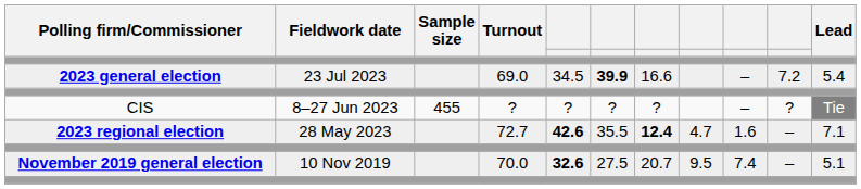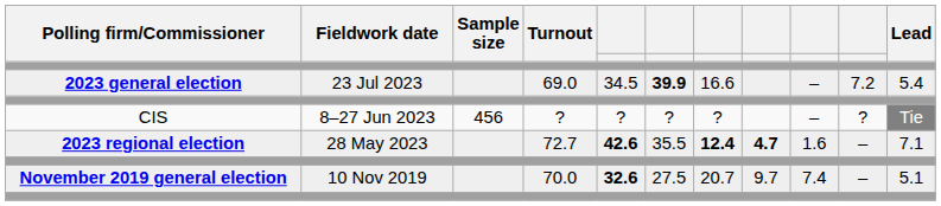 <table class="wikitable collapsible collapsed" style="text-align:center; font-size:95%; line-height:16px;">
 <tr style="height:42px;">
 <th style="width:250px;" rowspan="2">Polling firm/Commissioner</th>
 <th style="width:125px;" rowspan="2">Fieldwork date</th>
 <th style="width:50px;" rowspan="2">Sample size</th>
 <th style="width:45px;" rowspan="2">Turnout</th>
 <th style="width:35px;"></th>
 <th style="width:35px;"></th>
 <th style="width:35px;"></th>
 <th style="width:35px;"></th>
 <th style="width:35px;"></th>
 <th style="width:35px;"></th>
 <th style="width:30px;" rowspan="2">Lead</th>
 </tr>
 <tr>
 <th style="color:inherit;background:"></th>
 <th style="color:inherit;background:"></th>
 <th style="color:inherit;background:"></th>
 <th style="color:inherit;background:"></th>
 <th style="color:inherit;background:"></th>
 <th style="color:inherit;background:"></th>
 </tr>
 <tr>
 <td colspan="11" style="background:#A0A0A0"></td>
 </tr>
 <tr style="background:#EFEFEF;">
 <td><strong><a href='#'>2023 general election</a></strong></td>
 <td>23 Jul 2023</td>
 <td></td>
 <td>69.0</td>
 <td>34.5<br></td>
 <td><strong>39.9</strong><br></td>
 <td>16.6<br></td>
 <td></td>
 <td>–</td>
 <td>7.2<br></td>
 <td style="background:">5.4</td>
 </tr>
 <tr>
 <td colspan="11" style="background:#A0A0A0"></td>
 </tr>
 <tr>
 <td>CIS</td>
 <td>8–27 Jun 2023</td>
-<td>455</td>
+<td>456</td>
 <td>?</td>
 <td>?<br></td>
 <td>?<br></td>
 <td>?<br></td>
 <td></td>
 <td>–</td>
 <td>?<br></td>
 <td style="background:gray; color:white;">Tie</td>
 </tr>
 <tr style="background:#EFEFEF;">
 <td><strong><a href='#'>2023 regional election</a></strong></td>
 <td>28 May 2023</td>
 <td></td>
 <td>72.7</td>
 <td><strong>42.6</strong><br></td>
 <td>35.5<br></td>
 <td><strong>12.4<br></strong></td>
-<td>4.7<br></td>
+<td><strong>4.7<br></strong></td>
 <td>1.6<br></td>
 <td>–</td>
 <td style="background:">7.1</td>
 </tr>
 <tr>
 <td colspan="11" style="background:#A0A0A0"></td>
 </tr>
 <tr style="background:#EFEFEF;">
 <td><strong><a href='#'>November 2019 general election</a></strong></td>
 <td>10 Nov 2019</td>
 <td></td>
 <td>70.0</td>
 <td><strong>32.6</strong><br></td>
 <td>27.5<br></td>
 <td>20.7<br></td>
-<td>9.5<br></td>
+<td>9.7<br></td>
 <td>7.4<br></td>
 <td>–</td>
 <td style="background:">5.1</td>
 </tr>
 <tr>
 <td colspan="11" style="background:#A0A0A0"></td>
 </tr>
 </table>
